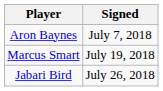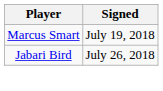 <table class="wikitable sortable sortable">
 <tr>
 <th>Player</th>
 <th>Signed</th>
-</tr>
-<tr style="text-align: center">
-<td><a href='#'>Aron Baynes</a></td>
-<td>July 7, 2018</td>
 </tr>
 <tr style="text-align: center">
 <td><a href='#'>Marcus Smart</a></td>
 <td>July 19, 2018</td>
 </tr>
 <tr style="text-align: center">
 <td><a href='#'>Jabari Bird</a></td>
 <td>July 26, 2018</td>
 </tr>
 </table>
